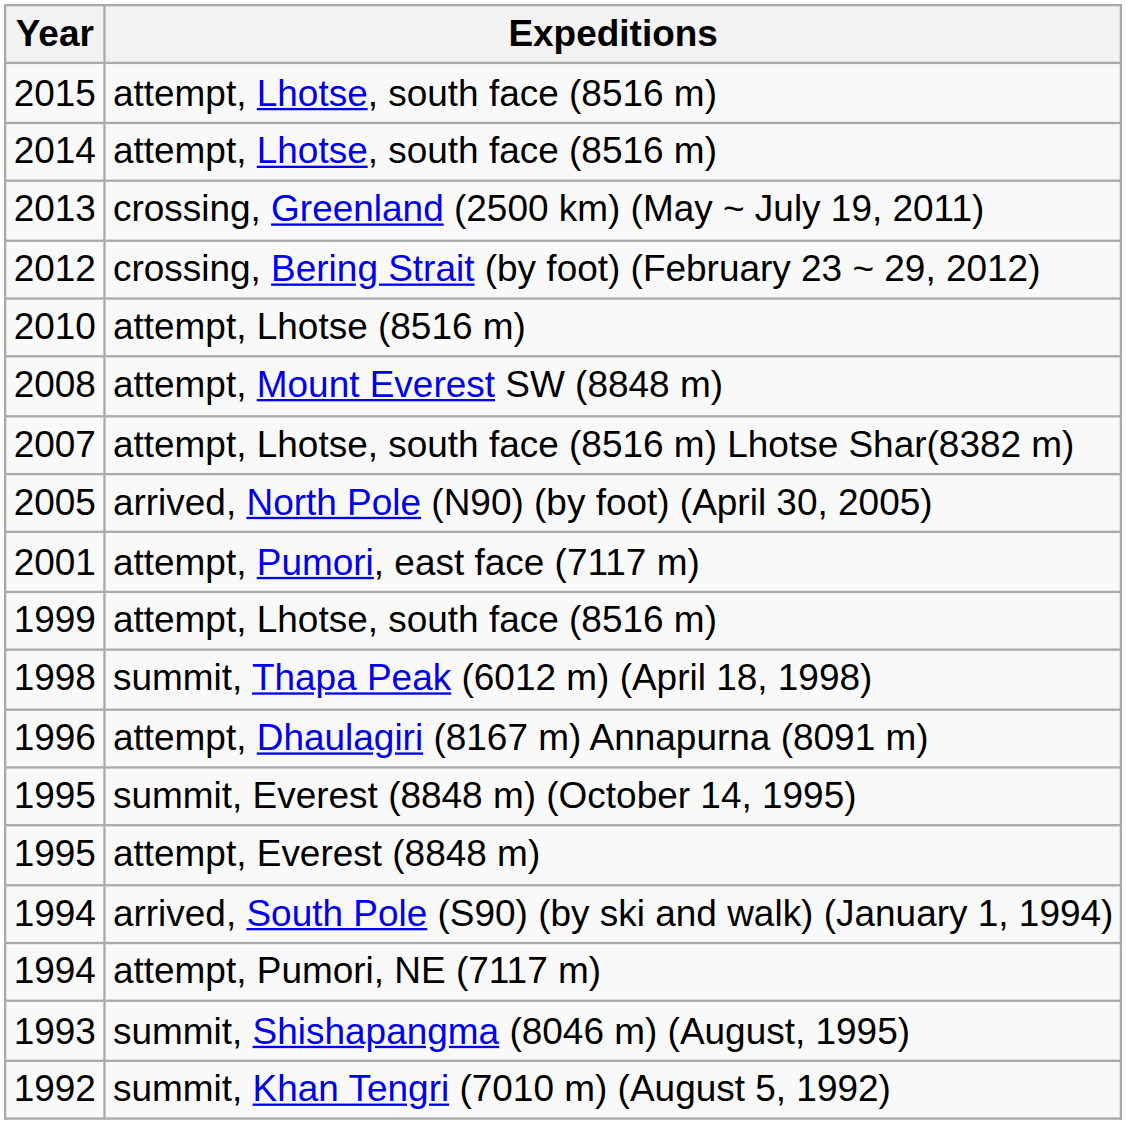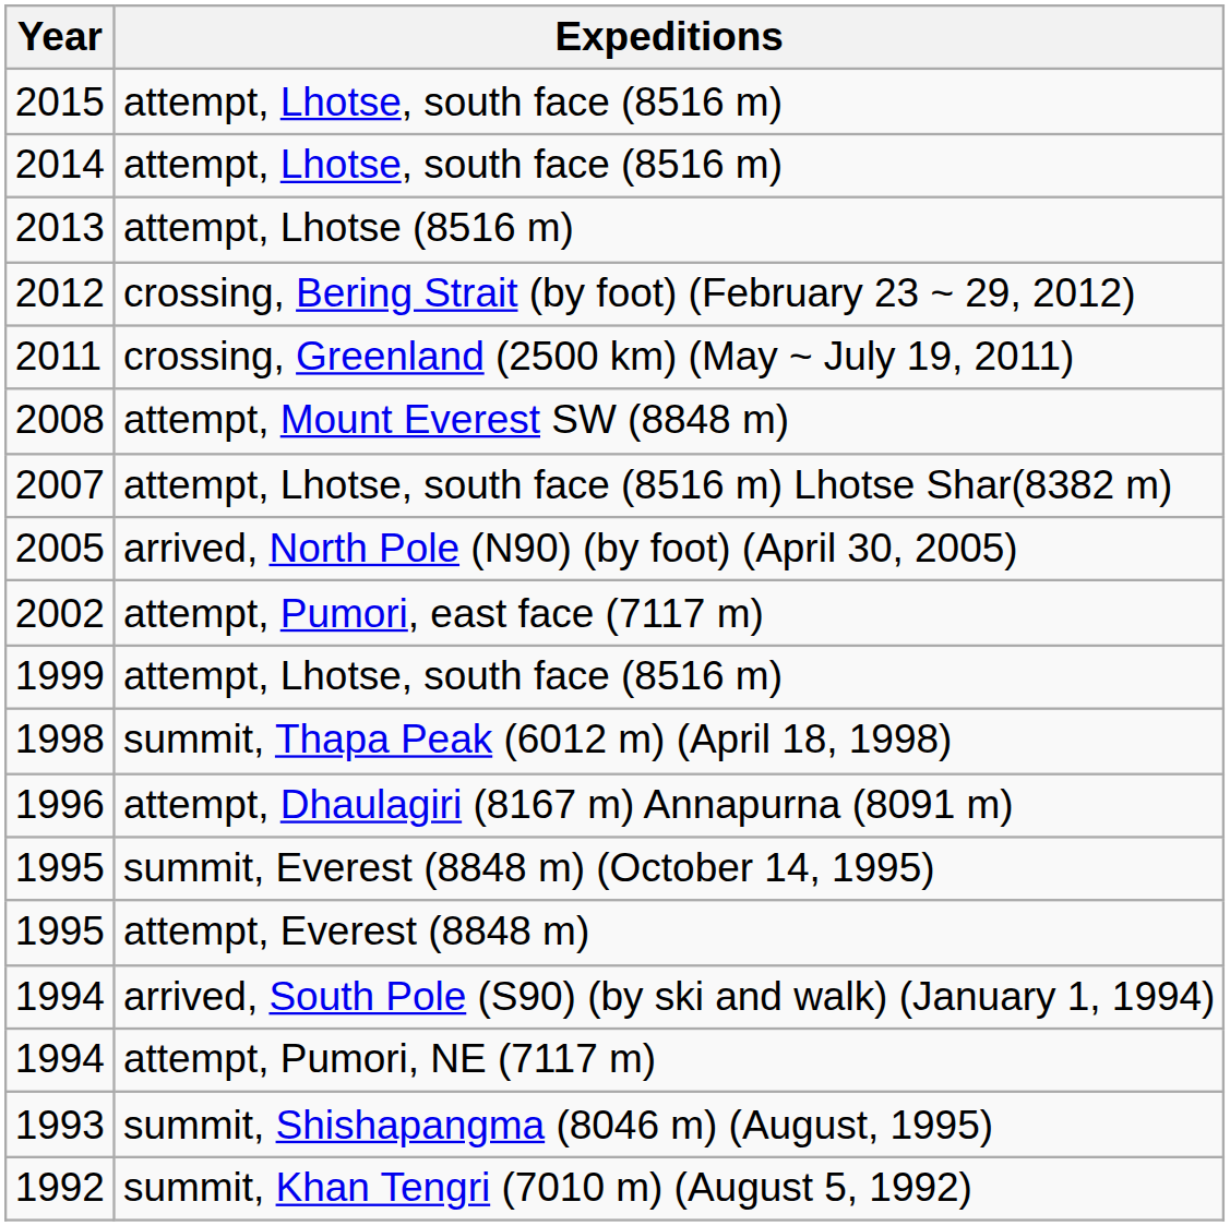 <table class="wikitable">
 <tr>
 <th>Year</th>
 <th>Expeditions</th>
 </tr>
 <tr>
 <td>2015</td>
 <td>attempt, <a href='#'>Lhotse</a>, south face (8516 m)</td>
 </tr>
 <tr>
 <td>2014</td>
 <td>attempt, <a href='#'>Lhotse</a>, south face (8516 m)</td>
 </tr>
 <tr>
 <td>2013</td>
-<td>crossing, <a href='#'>Greenland</a> (2500 km) (May ~ July 19, 2011)</td>
+<td>attempt, Lhotse (8516 m)</td>
 </tr>
 <tr>
 <td>2012</td>
 <td>crossing, <a href='#'>Bering Strait</a> (by foot) (February 23 ~ 29, 2012)</td>
 </tr>
 <tr>
-<td>2010</td>
-<td>attempt, Lhotse (8516 m)</td>
+<td>2011</td>
+<td>crossing, <a href='#'>Greenland</a> (2500 km) (May ~ July 19, 2011)</td>
 </tr>
 <tr>
 <td>2008</td>
 <td>attempt, <a href='#'>Mount Everest</a> SW (8848 m)</td>
 </tr>
 <tr>
 <td>2007</td>
 <td>attempt, Lhotse, south face (8516 m) Lhotse Shar(8382 m)</td>
 </tr>
 <tr>
 <td>2005</td>
 <td>arrived, <a href='#'>North Pole</a> (N90) (by foot) (April 30, 2005)</td>
 </tr>
 <tr>
-<td>2001</td>
+<td>2002</td>
 <td>attempt, <a href='#'>Pumori</a>, east face (7117 m)</td>
 </tr>
 <tr>
 <td>1999</td>
 <td>attempt, Lhotse, south face (8516 m)</td>
 </tr>
 <tr>
 <td>1998</td>
 <td>summit, <a href='#'>Thapa Peak</a> (6012 m) (April 18, 1998)</td>
 </tr>
 <tr>
 <td>1996</td>
 <td>attempt, <a href='#'>Dhaulagiri</a> (8167 m) Annapurna (8091 m)</td>
 </tr>
 <tr>
 <td>1995</td>
 <td>summit, Everest (8848 m) (October 14, 1995)</td>
 </tr>
 <tr>
 <td>1995</td>
 <td>attempt, Everest (8848 m)</td>
 </tr>
 <tr>
 <td>1994</td>
 <td>arrived, <a href='#'>South Pole</a> (S90) (by ski and walk) (January 1, 1994)</td>
 </tr>
 <tr>
 <td>1994</td>
 <td>attempt, Pumori, NE (7117 m)</td>
 </tr>
 <tr>
 <td>1993</td>
 <td>summit, <a href='#'>Shishapangma</a> (8046 m) (August, 1995)</td>
 </tr>
 <tr>
 <td>1992</td>
 <td>summit, <a href='#'>Khan Tengri</a> (7010 m) (August 5, 1992)</td>
 </tr>
 </table>
